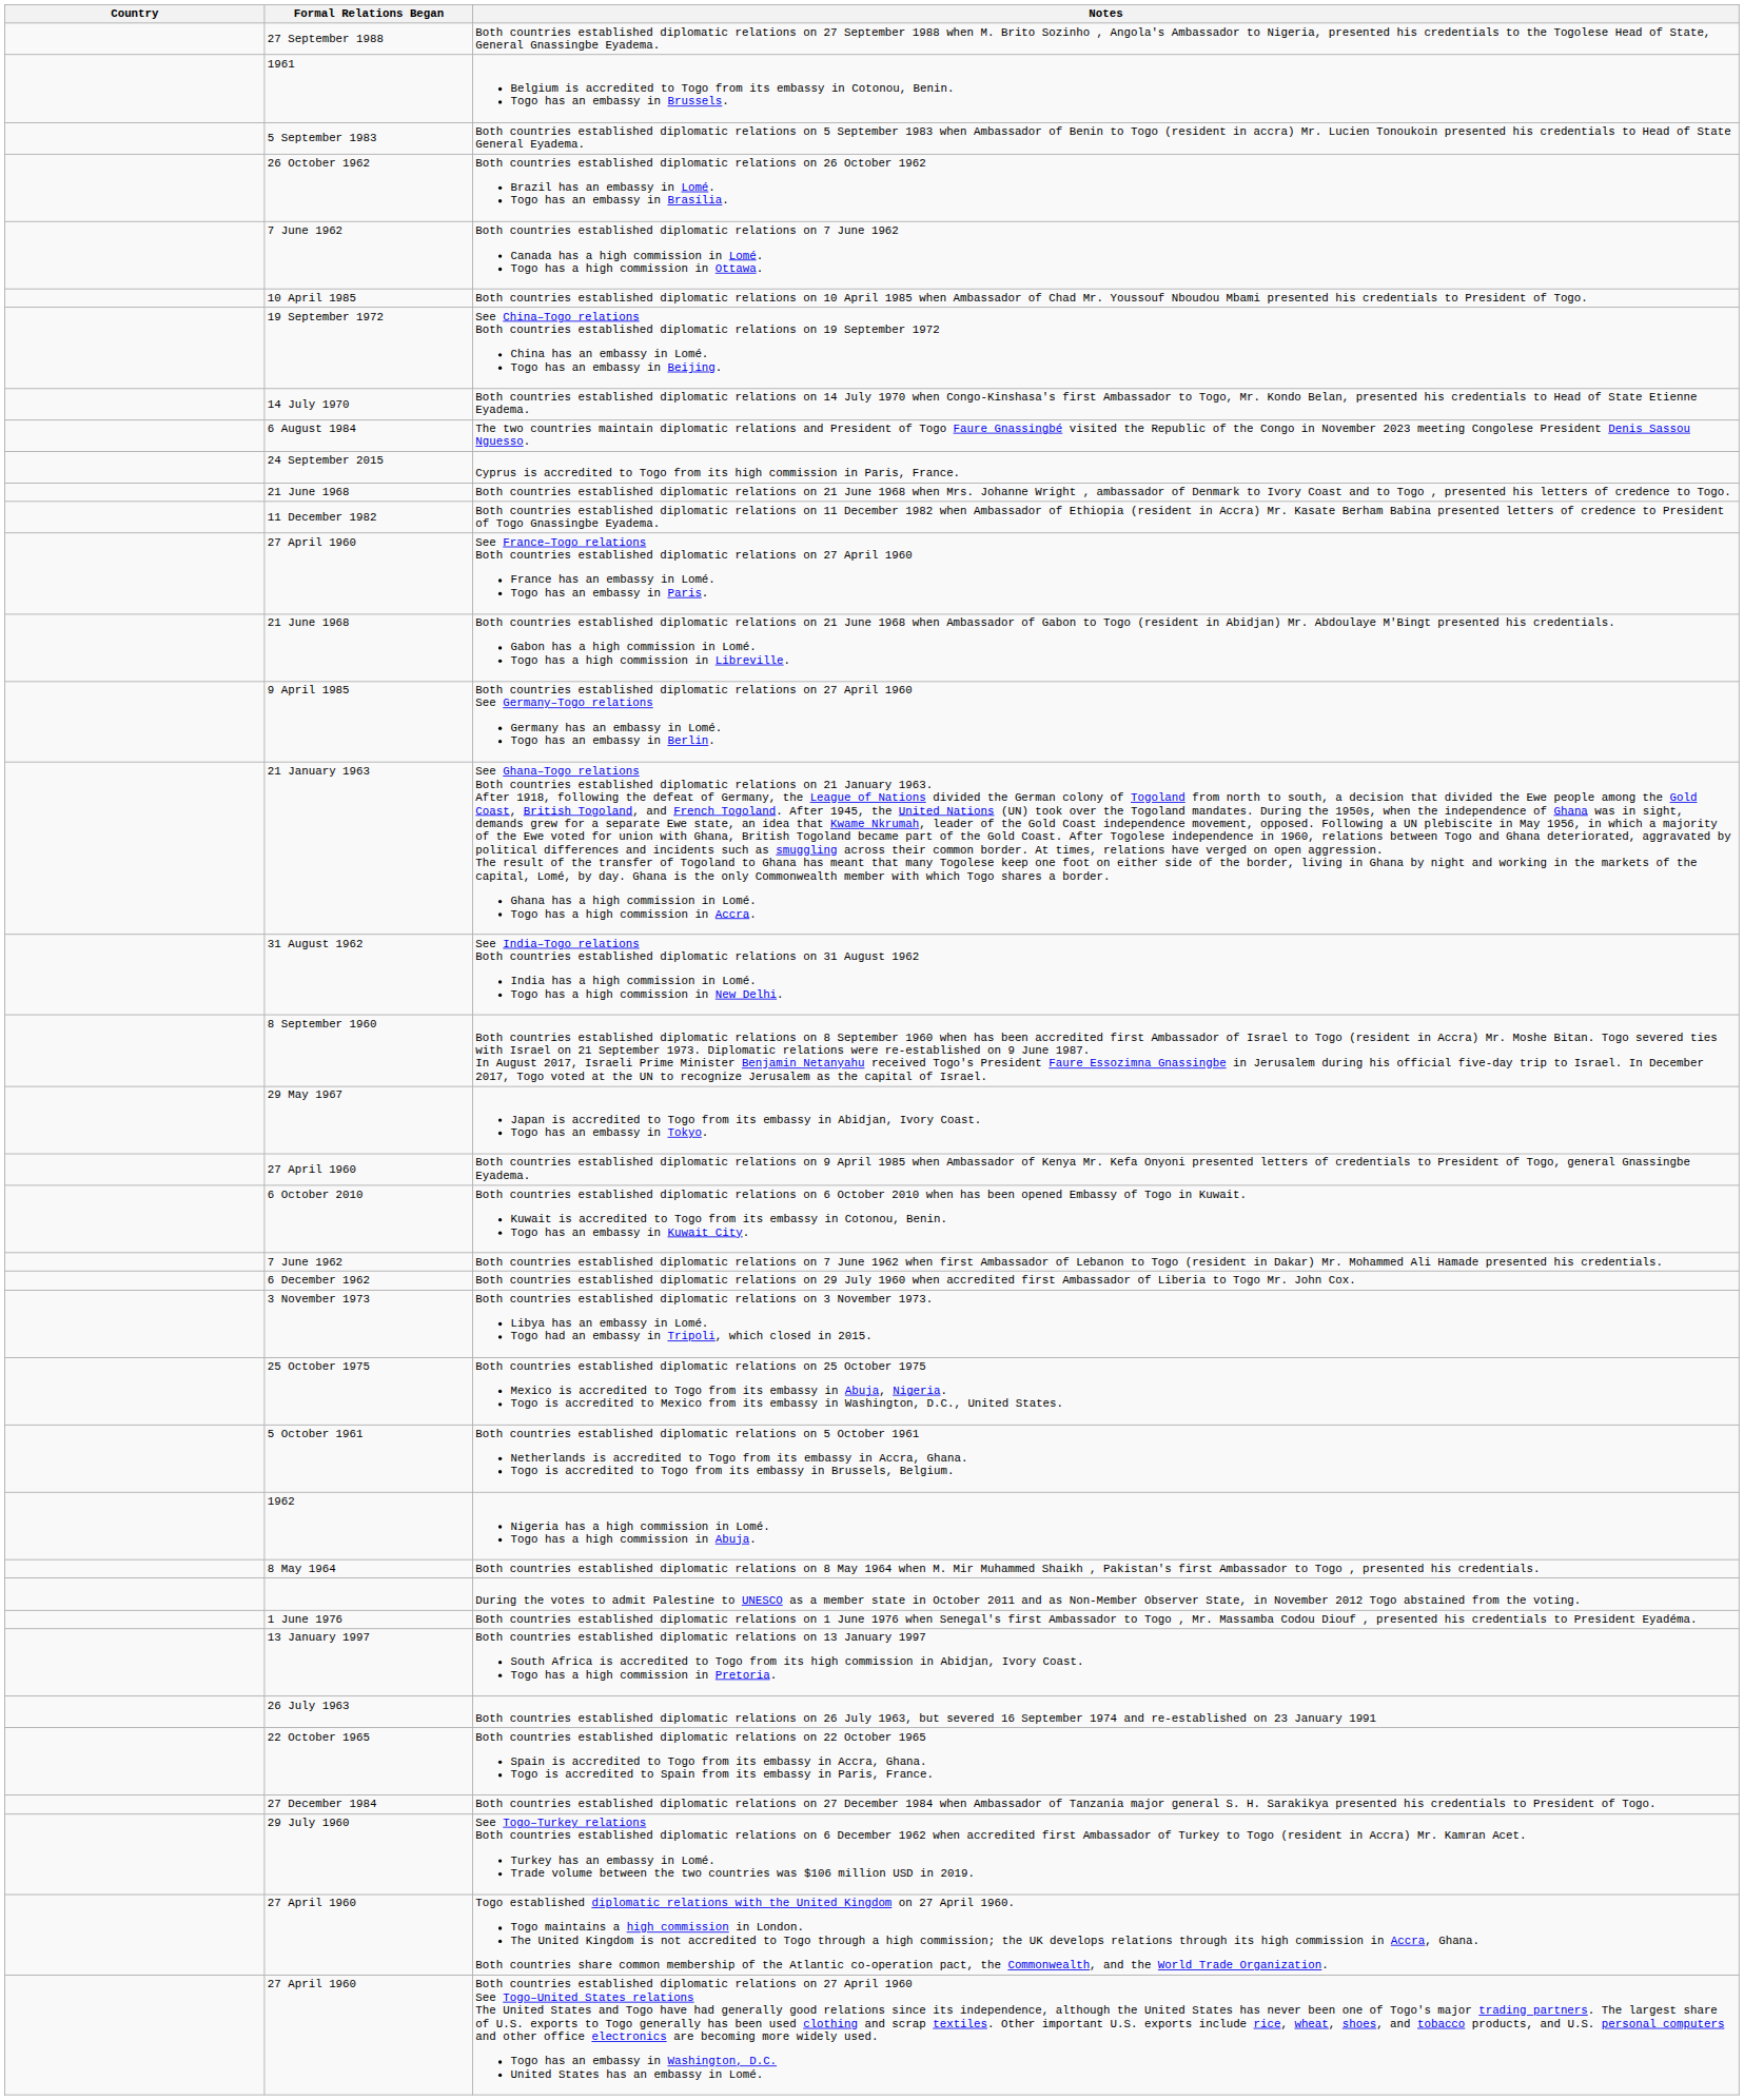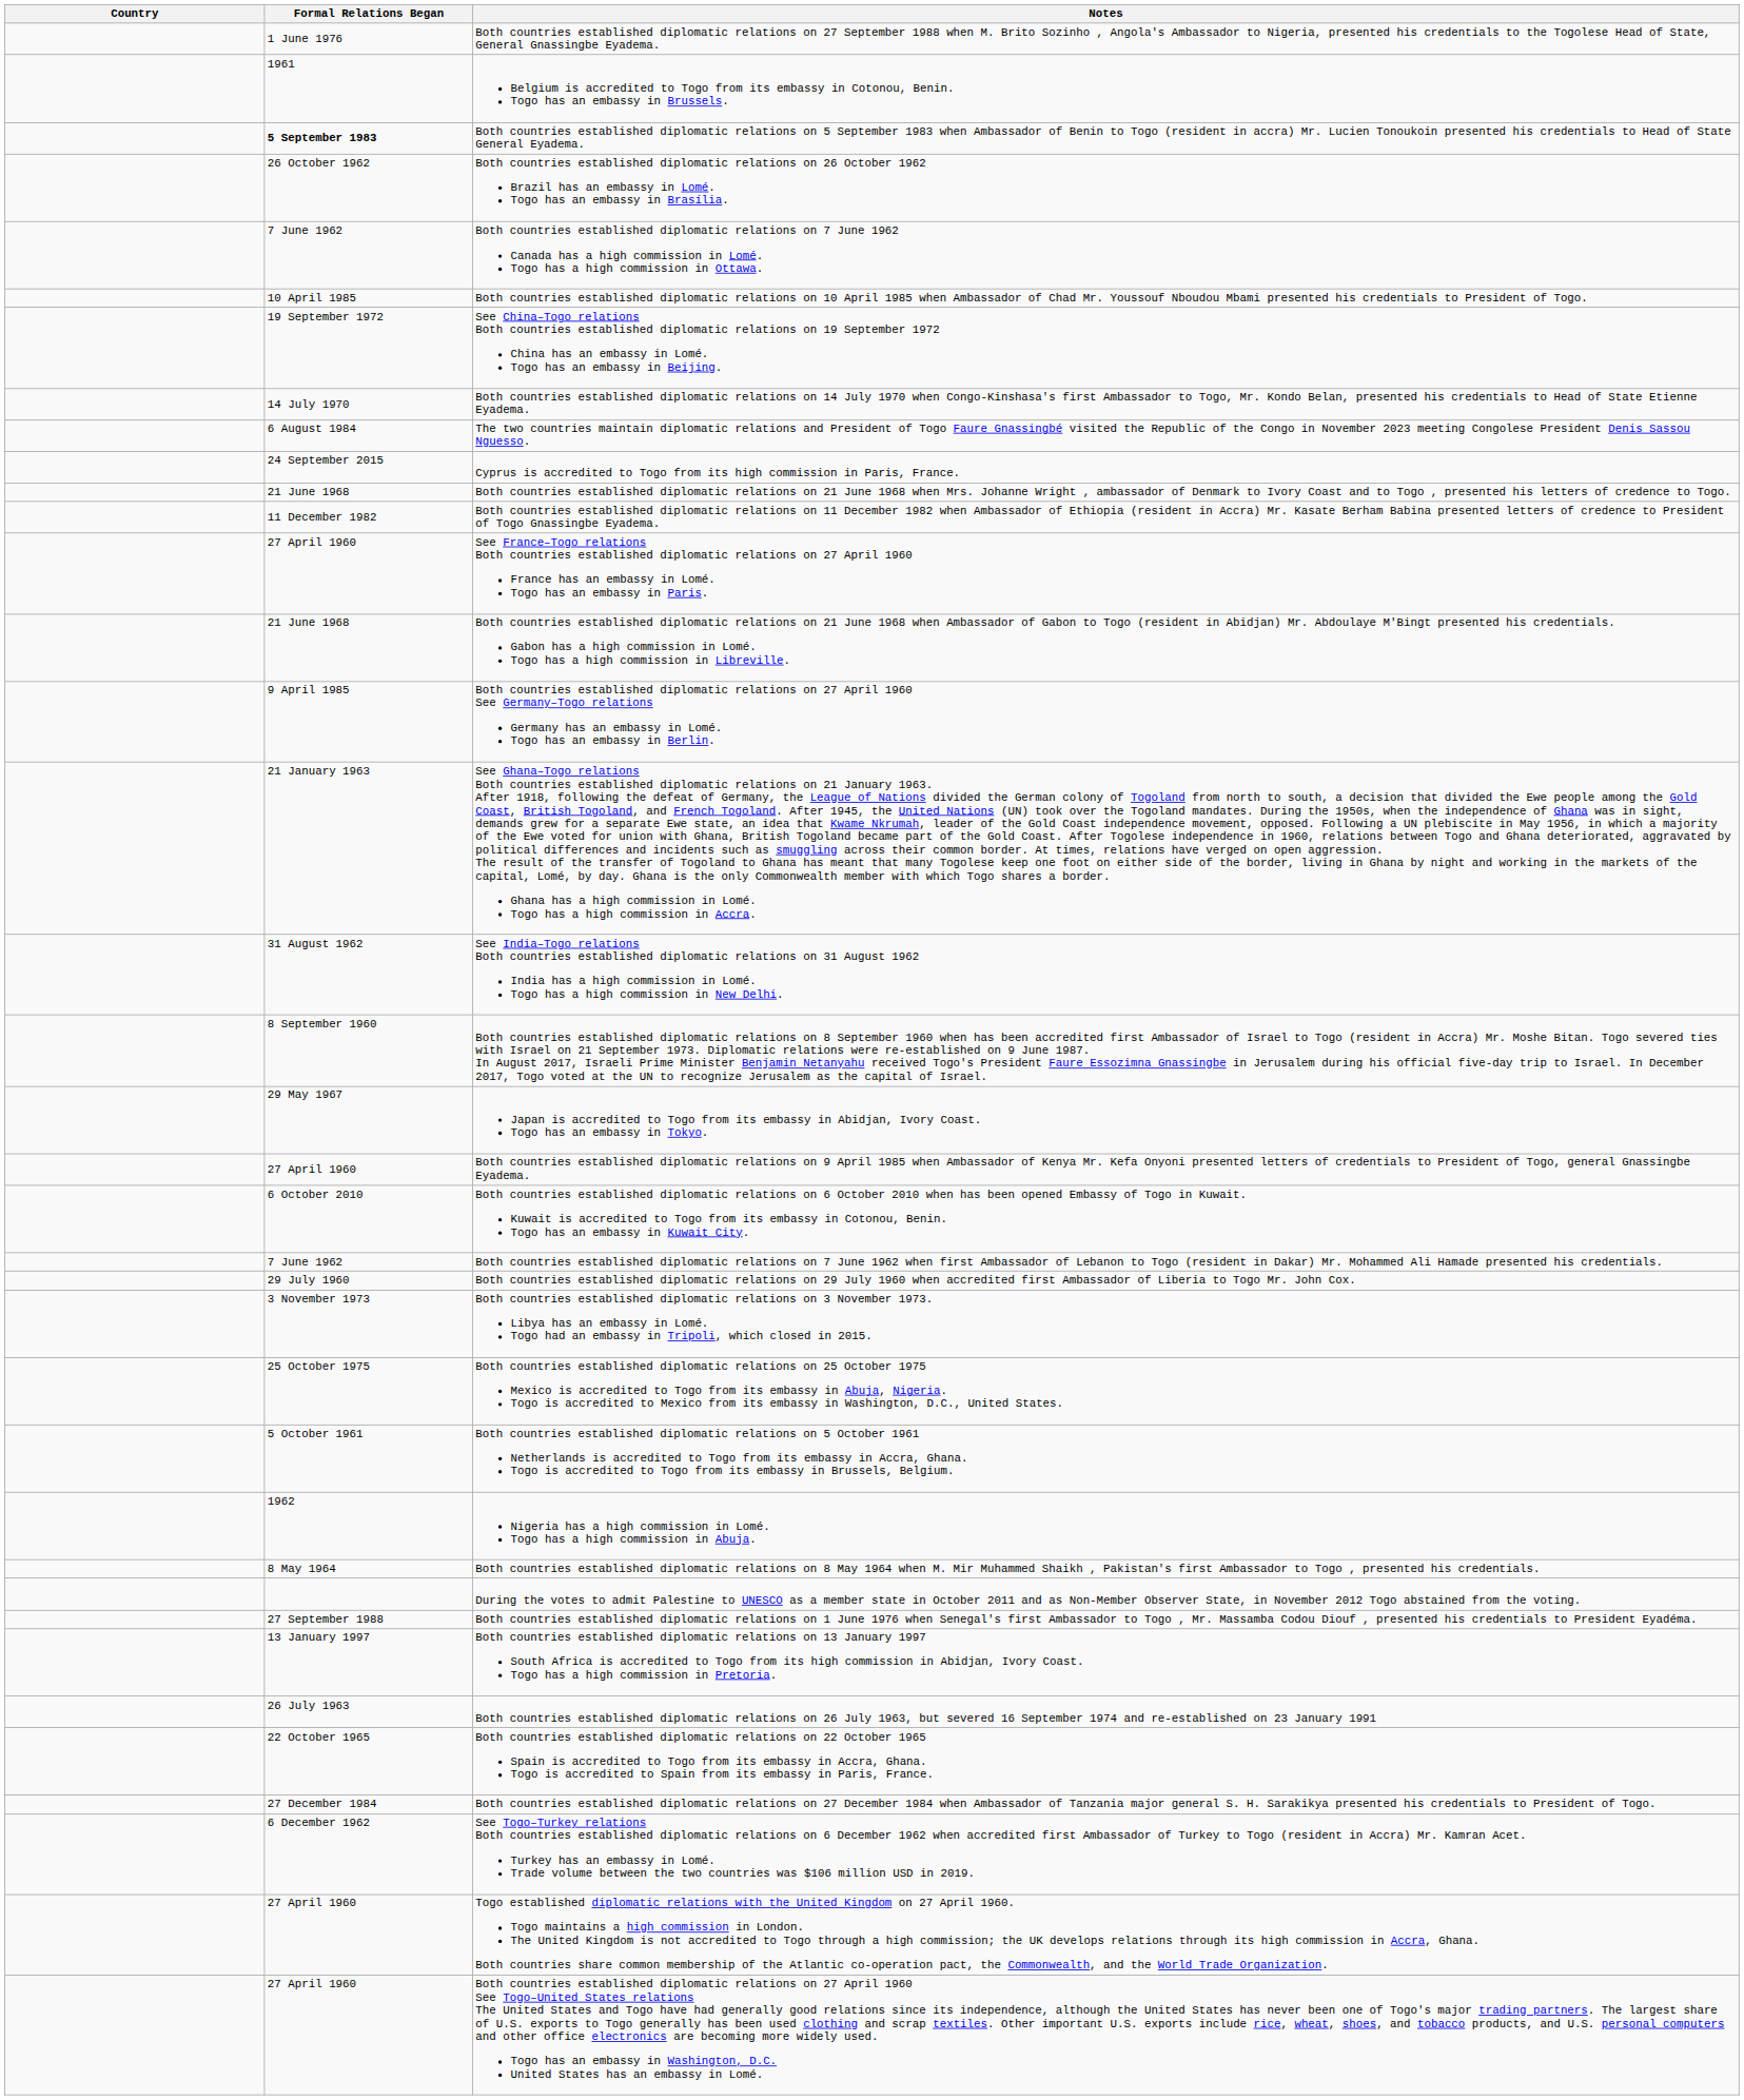 <table class="wikitable sortable" style="width:100%; margin:auto;">
 <tr>
 <th style="width:15%;">Country</th>
 <th style="width:12%;">Formal Relations Began</th>
 <th>Notes</th>
 </tr>
 <tr>
 <td></td>
-<td>27 September 1988</td>
+<td>1 June 1976</td>
 <td>Both countries established diplomatic relations on 27 September 1988 when M. Brito Sozinho , Angola's Ambassador to Nigeria, presented his credentials to the Togolese Head of State, General Gnassingbe Eyadema.</td>
 </tr>
 <tr valign="top">
 <td></td>
 <td>1961</td>
 <td><br><ul><li>Belgium is accredited to Togo from its embassy in Cotonou, Benin.</li><li>Togo has an embassy in <a href='#'>Brussels</a>.</li></ul></td>
 </tr>
 <tr>
 <td></td>
-<td>5 September 1983</td>
+<td><strong>5 September 1983</strong></td>
 <td>Both countries established diplomatic relations on 5 September 1983 when Ambassador of Benin to Togo (resident in accra)  Mr. Lucien Tonoukoin presented his credentials to Head of State General Eyadema.</td>
 </tr>
 <tr valign="top">
 <td></td>
 <td>26 October 1962</td>
 <td>Both countries established diplomatic relations on 26 October 1962<br><ul><li>Brazil has an embassy in <a href='#'>Lomé</a>.</li><li>Togo has an embassy in <a href='#'>Brasília</a>.</li></ul></td>
 </tr>
 <tr valign="top">
 <td></td>
 <td>7 June 1962</td>
 <td>Both countries established diplomatic relations on 7 June 1962<br><ul><li>Canada has a high commission in <a href='#'>Lomé</a>.</li><li>Togo has a high commission in <a href='#'>Ottawa</a>.</li></ul></td>
 </tr>
 <tr>
 <td></td>
 <td>10 April 1985</td>
 <td>Both countries established diplomatic relations on 10 April 1985 when Ambassador of Chad Mr. Youssouf Nboudou Mbami presented his credentials to President of Togo.</td>
 </tr>
 <tr valign="top">
 <td></td>
 <td>19 September 1972</td>
 <td>See <a href='#'>China–Togo relations</a><br>Both countries established diplomatic relations on 19 September 1972<ul><li>China has an embassy in Lomé.</li><li>Togo has an embassy in <a href='#'>Beijing</a>.</li></ul></td>
 </tr>
 <tr>
 <td></td>
 <td>14 July 1970</td>
 <td>Both countries established diplomatic relations on 14 July 1970 when Congo-Kinshasa's first Ambassador to Togo, Mr. Kondo Belan, presented his credentials to Head of State Etienne Eyadema.</td>
 </tr>
 <tr valign="top">
 <td></td>
 <td>6 August 1984</td>
 <td>The two countries maintain diplomatic relations and President of Togo <a href='#'>Faure Gnassingbé</a> visited the Republic of the Congo in November 2023 meeting Congolese President <a href='#'>Denis Sassou Nguesso</a>.</td>
 </tr>
 <tr valign="top">
 <td></td>
 <td>24 September 2015</td>
 <td><br>Cyprus is accredited to Togo from its high commission in Paris, France.</td>
 </tr>
 <tr>
 <td></td>
 <td>21 June 1968</td>
 <td>Both countries established diplomatic relations on 21 June 1968 when Mrs. Johanne Wright , ambassador of Denmark to Ivory Coast and to Togo , presented his letters of credence to Togo.</td>
 </tr>
 <tr>
 <td></td>
 <td>11 December 1982</td>
 <td>Both countries established diplomatic relations on 11 December 1982 when Ambassador of Ethiopia (resident in Accra) Mr. Kasate Berham Babina presented letters of credence to President of Togo Gnassingbe Eyadema.</td>
 </tr>
 <tr valign="top">
 <td></td>
 <td>27 April 1960</td>
 <td>See <a href='#'>France–Togo relations</a><br>Both countries established diplomatic relations on 27 April 1960<ul><li>France has an embassy in Lomé.</li><li>Togo has an embassy in <a href='#'>Paris</a>.</li></ul></td>
 </tr>
 <tr valign="top">
 <td></td>
 <td>21 June 1968</td>
 <td>Both countries established diplomatic relations on 21 June 1968 when Ambassador of Gabon to Togo (resident in Abidjan) Mr. Abdoulaye M'Bingt presented his credentials.<br><ul><li>Gabon has a high commission in Lomé.</li><li>Togo has a high commission in <a href='#'>Libreville</a>.</li></ul></td>
 </tr>
 <tr valign="top">
 <td></td>
 <td>9 April 1985</td>
 <td>Both countries established diplomatic relations on 27 April 1960<br>See <a href='#'>Germany–Togo relations</a><ul><li>Germany has an embassy in Lomé.</li><li>Togo has an embassy in <a href='#'>Berlin</a>.</li></ul></td>
 </tr>
 <tr valign="top">
 <td></td>
 <td>21 January 1963</td>
 <td>See <a href='#'>Ghana–Togo relations</a><br>Both countries established diplomatic relations on 21 January 1963.<br>After 1918, following the defeat of Germany, the <a href='#'>League of Nations</a> divided the German colony of <a href='#'>Togoland</a> from north to south, a decision that divided the Ewe people among the <a href='#'>Gold Coast</a>, <a href='#'>British Togoland</a>, and <a href='#'>French Togoland</a>. After 1945, the <a href='#'>United Nations</a> (UN) took over the Togoland mandates.  During the 1950s, when the independence of <a href='#'>Ghana</a> was in sight, demands grew for a separate Ewe state, an idea that <a href='#'>Kwame Nkrumah</a>, leader of the Gold Coast independence movement, opposed.  Following a UN plebiscite in May 1956, in which a majority of the Ewe voted for union with Ghana, British Togoland became part of the Gold Coast.  After Togolese independence in 1960, relations between Togo and Ghana deteriorated, aggravated by political differences and incidents such as <a href='#'>smuggling</a> across their common border. At times, relations have verged on open aggression.<br>The result of the transfer of Togoland to Ghana has meant that many Togolese keep one foot on either side of the border, living in Ghana by night and working in the markets of the capital, Lomé, by day. Ghana is the only Commonwealth member with which Togo shares a border.<ul><li>Ghana has a high commission in Lomé.</li><li>Togo has a high commission in <a href='#'>Accra</a>.</li></ul></td>
 </tr>
 <tr valign="top">
 <td></td>
 <td>31 August 1962</td>
 <td>See <a href='#'>India–Togo relations</a><br>Both countries established diplomatic relations on 31 August 1962<ul><li>India has a high commission in Lomé.</li><li>Togo has a high commission in <a href='#'>New Delhi</a>.</li></ul></td>
 </tr>
 <tr valign="top">
 <td></td>
 <td>8 September 1960</td>
 <td><br>Both countries established diplomatic relations on 8 September 1960 when has been accredited first Ambassador of Israel to Togo (resident in Accra) Mr. Moshe Bitan. Togo severed ties with Israel on 21 September 1973. Diplomatic relations were re-established on 9 June 1987.<br>In August 2017, Israeli Prime Minister <a href='#'>Benjamin Netanyahu</a> received Togo's President <a href='#'>Faure Essozimna Gnassingbe</a> in Jerusalem during his official five-day trip to Israel. In December 2017, Togo voted at the UN to recognize Jerusalem as the capital of Israel.</td>
 </tr>
 <tr valign="top">
 <td></td>
 <td>29 May 1967</td>
 <td><br><ul><li>Japan is accredited to Togo from its embassy in Abidjan, Ivory Coast.</li><li>Togo has an embassy in <a href='#'>Tokyo</a>.</li></ul></td>
 </tr>
 <tr>
 <td></td>
 <td>27 April 1960</td>
 <td>Both countries established diplomatic relations on 9 April 1985 when Ambassador of Kenya Mr. Kefa Onyoni presented letters of credentials to President of Togo, general Gnassingbe Eyadema.</td>
 </tr>
 <tr valign="top">
 <td></td>
 <td>6 October 2010</td>
 <td>Both countries established diplomatic relations on 6 October 2010 when has been opened Embassy of Togo in Kuwait.<br><ul><li>Kuwait is accredited to Togo from its embassy in Cotonou, Benin.</li><li>Togo has an embassy in <a href='#'>Kuwait City</a>.</li></ul></td>
 </tr>
 <tr>
 <td></td>
 <td>7 June 1962</td>
 <td>Both countries established diplomatic relations on 7 June 1962 when first Ambassador of Lebanon to Togo (resident in Dakar) Mr. Mohammed Ali Hamade presented his credentials.</td>
 </tr>
 <tr>
 <td></td>
-<td>6 December 1962</td>
+<td>29 July 1960</td>
 <td>Both countries established diplomatic relations on 29 July 1960 when accredited first Ambassador of Liberia to Togo Mr. John Cox.</td>
 </tr>
 <tr valign="top">
 <td></td>
 <td>3 November 1973</td>
 <td>Both countries established diplomatic relations on 3 November 1973.<br><ul><li>Libya has an embassy in Lomé.</li><li>Togo had an embassy in <a href='#'>Tripoli</a>, which closed in 2015.</li></ul></td>
 </tr>
 <tr valign="top">
 <td></td>
 <td>25 October 1975</td>
 <td>Both countries established diplomatic relations on 25 October 1975<br><ul><li>Mexico is accredited to Togo from its embassy in <a href='#'>Abuja</a>, <a href='#'>Nigeria</a>.</li><li>Togo is accredited to Mexico from its embassy in Washington, D.C., United States.</li></ul></td>
 </tr>
 <tr valign="top">
 <td></td>
 <td>5 October 1961</td>
 <td>Both countries established diplomatic relations on 5 October 1961<br><ul><li>Netherlands is accredited to Togo from its embassy in Accra, Ghana.</li><li>Togo is accredited to Togo from its embassy in Brussels, Belgium.</li></ul></td>
 </tr>
 <tr valign="top">
 <td></td>
 <td>1962</td>
 <td><br><ul><li>Nigeria has a high commission in Lomé.</li><li>Togo has a high commission in <a href='#'>Abuja</a>.</li></ul></td>
 </tr>
 <tr>
 <td></td>
 <td>8 May 1964</td>
 <td>Both countries established diplomatic relations on 8 May 1964 when M. Mir Muhammed Shaikh , Pakistan's first Ambassador to Togo , presented his credentials.</td>
 </tr>
 <tr valign="top">
 <td></td>
 <td></td>
 <td><br>During the votes to admit Palestine to <a href='#'>UNESCO</a> as a member state in October 2011 and as Non-Member Observer State, in November 2012 Togo abstained from the voting.</td>
 </tr>
 <tr>
 <td></td>
-<td>1 June 1976</td>
+<td>27 September 1988</td>
 <td>Both countries established diplomatic relations on 1 June 1976 when Senegal's first Ambassador to Togo , Mr. Massamba Codou Diouf , presented his credentials to President  Eyadéma.</td>
 </tr>
 <tr valign="top">
 <td></td>
 <td>13 January 1997</td>
 <td>Both countries established diplomatic relations on 13 January 1997<br><ul><li>South Africa is accredited to Togo from its high commission in Abidjan, Ivory Coast.</li><li>Togo has a high commission in <a href='#'>Pretoria</a>.</li></ul></td>
 </tr>
 <tr valign="top">
 <td></td>
 <td>26 July 1963</td>
 <td><br>Both countries established diplomatic relations on 26 July 1963, but severed 16 September 1974 and re-established on 23 January 1991</td>
 </tr>
 <tr valign="top">
 <td></td>
 <td>22 October 1965</td>
 <td>Both countries established diplomatic relations on 22 October 1965<br><ul><li>Spain is accredited to Togo from its embassy in Accra, Ghana.</li><li>Togo is accredited to Spain from its embassy in Paris, France.</li></ul></td>
 </tr>
 <tr>
 <td></td>
 <td>27 December 1984</td>
 <td>Both countries established diplomatic relations on 27 December 1984 when Ambassador of Tanzania major general S. H. Sarakikya presented his credentials to President of Togo.</td>
 </tr>
 <tr valign="top">
 <td></td>
-<td>29 July 1960</td>
+<td>6 December 1962</td>
 <td>See <a href='#'>Togo–Turkey relations</a><br>Both countries established diplomatic relations on 6 December 1962 when accredited first Ambassador of Turkey to Togo (resident in Accra) Mr. Kamran Acet.<ul><li>Turkey has an embassy in Lomé.</li><li>Trade volume between the two countries was $106 million USD in 2019.</li></ul></td>
 </tr>
 <tr valign="top">
 <td></td>
 <td>27 April 1960</td>
 <td>Togo established <a href='#'>diplomatic relations with the United Kingdom</a> on 27 April 1960.<br><ul><li>Togo maintains a <a href='#'>high commission</a> in London.</li><li>The United Kingdom is not accredited to Togo through a high commission; the UK develops relations through its high commission in <a href='#'>Accra</a>, Ghana.</li></ul>Both countries share common membership of the Atlantic co-operation pact, the <a href='#'>Commonwealth</a>, and the <a href='#'>World Trade Organization</a>.</td>
 </tr>
 <tr valign="top">
 <td></td>
 <td>27 April 1960</td>
 <td>Both countries established diplomatic relations on 27 April 1960<br>See <a href='#'>Togo–United States relations</a><br>The United States and Togo have had generally good relations since its independence, although the United States has never been one of Togo's major <a href='#'>trading partners</a>. The largest share of U.S. exports to Togo generally has been used <a href='#'>clothing</a> and scrap <a href='#'>textiles</a>. Other important U.S. exports include <a href='#'>rice</a>, <a href='#'>wheat</a>, <a href='#'>shoes</a>, and <a href='#'>tobacco</a> products, and U.S. <a href='#'>personal computers</a> and other office <a href='#'>electronics</a> are becoming more widely used.<ul><li>Togo has an embassy in <a href='#'>Washington, D.C.</a></li><li>United States has an embassy in Lomé.</li></ul></td>
 </tr>
 </table>
